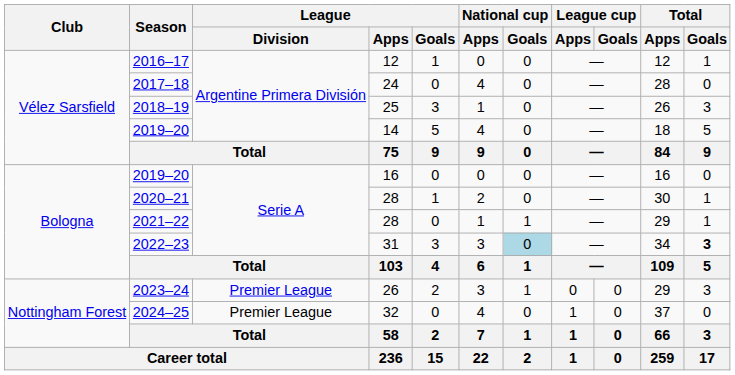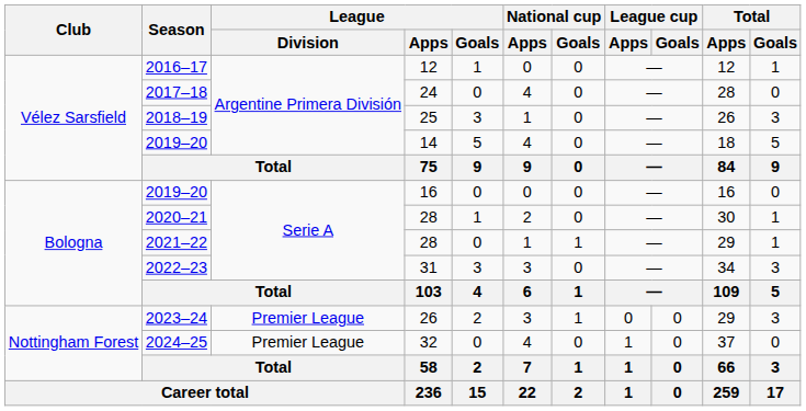 <table class="wikitable" style="text-align:center">
 <tr>
 <th rowspan="2">Club</th>
 <th rowspan="2">Season</th>
 <th colspan="3">League</th>
 <th colspan="2">National cup</th>
 <th colspan="2">League cup</th>
 <th colspan="2">Total</th>
 </tr>
 <tr>
 <th>Division</th>
 <th>Apps</th>
 <th>Goals</th>
 <th>Apps</th>
 <th>Goals</th>
 <th>Apps</th>
 <th>Goals</th>
 <th>Apps</th>
 <th>Goals</th>
 </tr>
 <tr>
 <td rowspan="5"><a href='#'>Vélez Sarsfield</a></td>
 <td><a href='#'>2016–17</a></td>
 <td rowspan="4"><a href='#'>Argentine Primera División</a></td>
 <td>12</td>
 <td>1</td>
 <td>0</td>
 <td>0</td>
 <td colspan="2">—</td>
 <td>12</td>
 <td>1</td>
 </tr>
 <tr>
 <td><a href='#'>2017–18</a></td>
 <td>24</td>
 <td>0</td>
 <td>4</td>
 <td>0</td>
 <td colspan="2">—</td>
 <td>28</td>
 <td>0</td>
 </tr>
 <tr>
 <td><a href='#'>2018–19</a></td>
 <td>25</td>
 <td>3</td>
 <td>1</td>
 <td>0</td>
 <td colspan="2">—</td>
 <td>26</td>
 <td>3</td>
 </tr>
 <tr>
 <td><a href='#'>2019–20</a></td>
 <td>14</td>
 <td>5</td>
 <td>4</td>
 <td>0</td>
 <td colspan="2">—</td>
 <td>18</td>
 <td>5</td>
 </tr>
 <tr>
 <th colspan="2">Total</th>
 <th>75</th>
 <th>9</th>
 <th>9</th>
 <th>0</th>
 <th colspan="2">—</th>
 <th>84</th>
 <th>9</th>
 </tr>
 <tr>
 <td rowspan="5"><a href='#'>Bologna</a></td>
 <td><a href='#'>2019–20</a></td>
 <td rowspan="4"><a href='#'>Serie A</a></td>
 <td>16</td>
 <td>0</td>
 <td>0</td>
 <td>0</td>
 <td colspan="2">—</td>
 <td>16</td>
 <td>0</td>
 </tr>
 <tr>
 <td><a href='#'>2020–21</a></td>
 <td>28</td>
 <td>1</td>
 <td>2</td>
 <td>0</td>
 <td colspan="2">—</td>
 <td>30</td>
 <td>1</td>
 </tr>
 <tr>
 <td><a href='#'>2021–22</a></td>
 <td>28</td>
 <td>0</td>
 <td>1</td>
 <td>1</td>
 <td colspan="2">—</td>
 <td>29</td>
 <td>1</td>
 </tr>
 <tr>
 <td><a href='#'>2022–23</a></td>
 <td>31</td>
 <td>3</td>
 <td>3</td>
-<td style="background: lightblue;">0</td>
+<td>0</td>
 <td colspan="2">—</td>
 <td>34</td>
-<td><strong>3</strong></td>
+<td>3</td>
 </tr>
 <tr>
 <th colspan="2">Total</th>
 <th>103</th>
 <th>4</th>
 <th>6</th>
 <th>1</th>
 <th colspan="2">—</th>
 <th>109</th>
 <th>5</th>
 </tr>
 <tr>
 <td rowspan="3"><a href='#'>Nottingham Forest</a></td>
 <td><a href='#'>2023–24</a></td>
 <td><a href='#'>Premier League</a></td>
 <td>26</td>
 <td>2</td>
 <td>3</td>
 <td>1</td>
 <td>0</td>
 <td>0</td>
 <td>29</td>
 <td>3</td>
 </tr>
 <tr>
 <td><a href='#'>2024–25</a></td>
 <td>Premier League</td>
 <td>32</td>
 <td>0</td>
 <td>4</td>
 <td>0</td>
 <td>1</td>
 <td>0</td>
 <td>37</td>
 <td>0</td>
 </tr>
 <tr>
 <th colspan="2">Total</th>
 <th>58</th>
 <th>2</th>
 <th>7</th>
 <th>1</th>
 <th>1</th>
 <th>0</th>
 <th>66</th>
 <th>3</th>
 </tr>
 <tr>
 <th colspan="3">Career total</th>
 <th>236</th>
 <th>15</th>
 <th>22</th>
 <th>2</th>
 <th>1</th>
 <th>0</th>
 <th>259</th>
 <th>17</th>
 </tr>
 </table>
